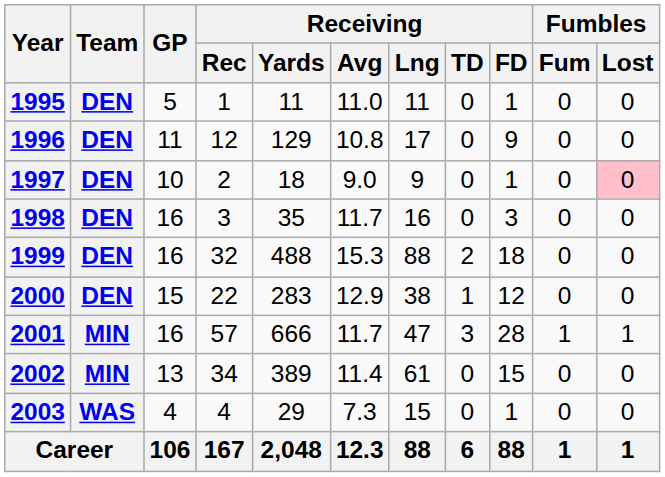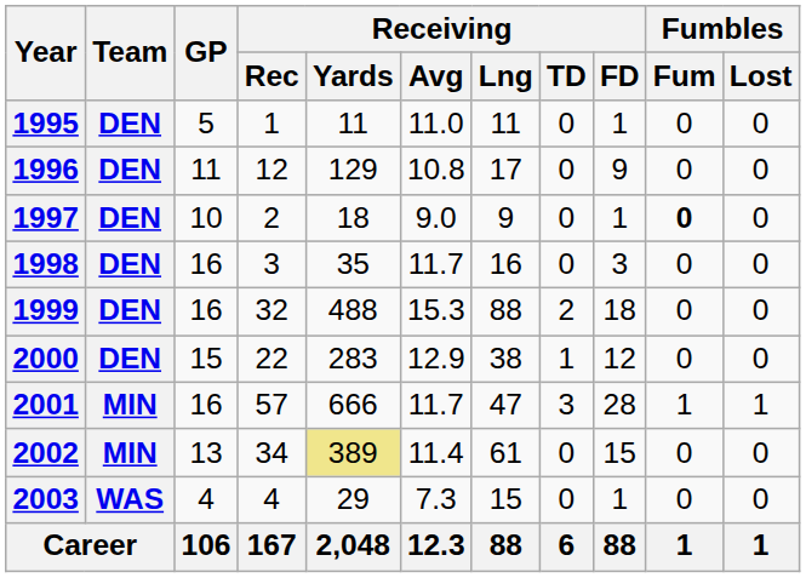 <table class="wikitable" style="text-align:center;">
 <tr>
 <th rowspan="2">Year</th>
 <th rowspan="2">Team</th>
 <th rowspan="2">GP</th>
 <th colspan="6">Receiving</th>
 <th colspan="2">Fumbles</th>
 </tr>
 <tr>
 <th>Rec</th>
 <th>Yards</th>
 <th>Avg</th>
 <th>Lng</th>
 <th>TD</th>
 <th>FD</th>
 <th>Fum</th>
 <th>Lost</th>
 </tr>
 <tr>
 <th><a href='#'>1995</a></th>
 <th><a href='#'>DEN</a></th>
 <td>5</td>
 <td>1</td>
 <td>11</td>
 <td>11.0</td>
 <td>11</td>
 <td>0</td>
 <td>1</td>
 <td>0</td>
 <td>0</td>
 </tr>
 <tr>
 <th><a href='#'>1996</a></th>
 <th><a href='#'>DEN</a></th>
 <td>11</td>
 <td>12</td>
 <td>129</td>
 <td>10.8</td>
 <td>17</td>
 <td>0</td>
 <td>9</td>
 <td>0</td>
 <td>0</td>
 </tr>
 <tr>
 <th><a href='#'>1997</a></th>
 <th><a href='#'>DEN</a></th>
 <td>10</td>
 <td>2</td>
 <td>18</td>
 <td>9.0</td>
 <td>9</td>
 <td>0</td>
 <td>1</td>
+<td><strong>0</strong></td>
 <td>0</td>
-<td style="background: pink;">0</td>
 </tr>
 <tr>
 <th><a href='#'>1998</a></th>
 <th><a href='#'>DEN</a></th>
 <td>16</td>
 <td>3</td>
 <td>35</td>
 <td>11.7</td>
 <td>16</td>
 <td>0</td>
 <td>3</td>
 <td>0</td>
 <td>0</td>
 </tr>
 <tr>
 <th><a href='#'>1999</a></th>
 <th><a href='#'>DEN</a></th>
 <td>16</td>
 <td>32</td>
 <td>488</td>
 <td>15.3</td>
 <td>88</td>
 <td>2</td>
 <td>18</td>
 <td>0</td>
 <td>0</td>
 </tr>
 <tr>
 <th><a href='#'>2000</a></th>
 <th><a href='#'>DEN</a></th>
 <td>15</td>
 <td>22</td>
 <td>283</td>
 <td>12.9</td>
 <td>38</td>
 <td>1</td>
 <td>12</td>
 <td>0</td>
 <td>0</td>
 </tr>
 <tr>
 <th><a href='#'>2001</a></th>
 <th><a href='#'>MIN</a></th>
 <td>16</td>
 <td>57</td>
 <td>666</td>
 <td>11.7</td>
 <td>47</td>
 <td>3</td>
 <td>28</td>
 <td>1</td>
 <td>1</td>
 </tr>
 <tr>
 <th><a href='#'>2002</a></th>
 <th><a href='#'>MIN</a></th>
 <td>13</td>
 <td>34</td>
-<td>389</td>
+<td style="background: khaki;">389</td>
 <td>11.4</td>
 <td>61</td>
 <td>0</td>
 <td>15</td>
 <td>0</td>
 <td>0</td>
 </tr>
 <tr>
 <th><a href='#'>2003</a></th>
 <th><a href='#'>WAS</a></th>
 <td>4</td>
 <td>4</td>
 <td>29</td>
 <td>7.3</td>
 <td>15</td>
 <td>0</td>
 <td>1</td>
 <td>0</td>
 <td>0</td>
 </tr>
 <tr>
 <th colspan="2">Career</th>
 <th>106</th>
 <th>167</th>
 <th>2,048</th>
 <th>12.3</th>
 <th>88</th>
 <th>6</th>
 <th>88</th>
 <th>1</th>
 <th>1</th>
 </tr>
 </table>
